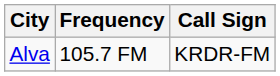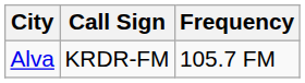 <table class="wikitable">
 <tr>
 <th>City</th>
+<th>Call Sign</th>
 <th>Frequency</th>
-<th>Call Sign</th>
 </tr>
 <tr>
 <td><a href='#'>Alva</a></td>
+<td>KRDR-FM</td>
 <td>105.7 FM</td>
-<td>KRDR-FM</td>
 </tr>
 </table>
